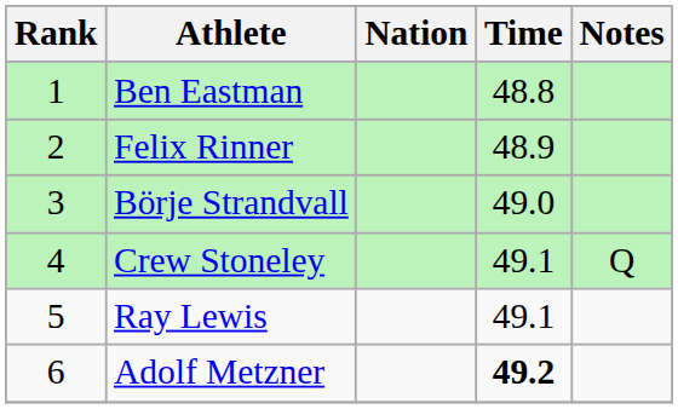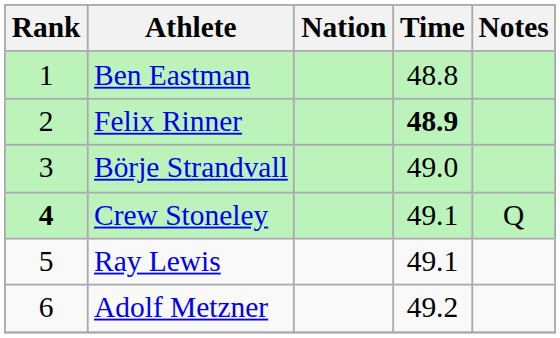 <table class="wikitable sortable" style="text-align:center">
 <tr>
 <th>Rank</th>
 <th>Athlete</th>
 <th>Nation</th>
 <th>Time</th>
 <th>Notes</th>
 </tr>
 <tr bgcolor=bbf3bb>
 <td>1</td>
 <td align=left><a href='#'>Ben Eastman</a></td>
 <td align=left></td>
 <td>48.8</td>
 <td></td>
 </tr>
 <tr bgcolor=bbf3bb>
 <td>2</td>
 <td align=left><a href='#'>Felix Rinner</a></td>
 <td align=left></td>
-<td>48.9</td>
+<td><strong>48.9</strong></td>
 <td></td>
 </tr>
 <tr bgcolor=bbf3bb>
 <td>3</td>
 <td align=left><a href='#'>Börje Strandvall</a></td>
 <td align=left></td>
 <td>49.0</td>
 <td></td>
 </tr>
 <tr bgcolor=bbf3bb>
-<td>4</td>
+<td><strong>4</strong></td>
 <td align=left><a href='#'>Crew Stoneley</a></td>
 <td align=left></td>
 <td>49.1</td>
 <td>Q</td>
 </tr>
 <tr>
 <td>5</td>
 <td align=left><a href='#'>Ray Lewis</a></td>
 <td align=left></td>
 <td>49.1</td>
 <td></td>
 </tr>
 <tr>
 <td>6</td>
 <td align=left><a href='#'>Adolf Metzner</a></td>
 <td align=left></td>
-<td><strong>49.2</strong></td>
+<td>49.2</td>
 <td></td>
 </tr>
 <tr>
 </tr>
 </table>
